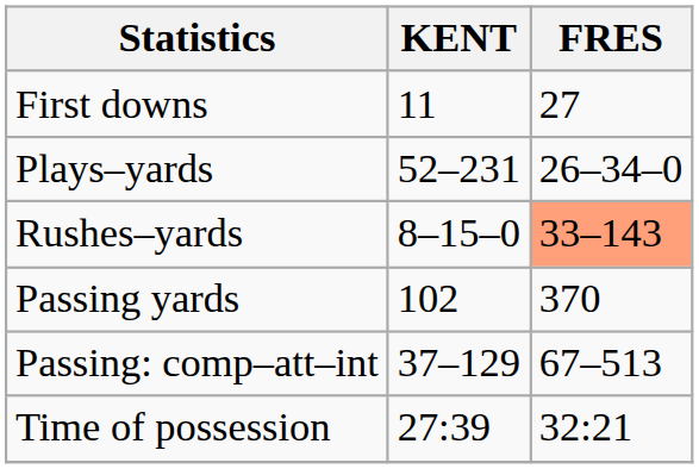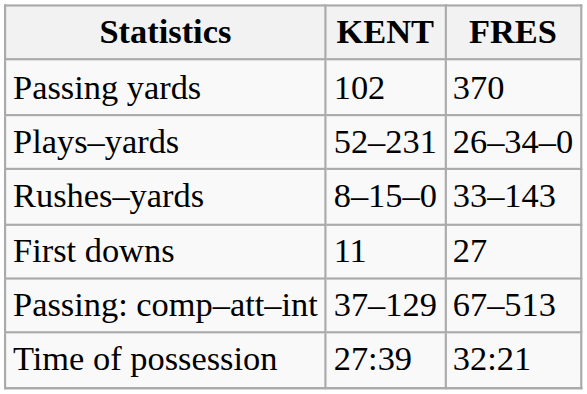 <table class="wikitable" style="float: left;">
 <tr>
 <th>Statistics</th>
 <th>KENT</th>
 <th>FRES</th>
 </tr>
 <tr>
-<td>First downs</td>
-<td>11</td>
-<td>27</td>
+<td>Passing yards</td>
+<td>102</td>
+<td>370</td>
 </tr>
 <tr>
 <td>Plays–yards</td>
 <td>52–231</td>
 <td>26–34–0</td>
 </tr>
 <tr>
 <td>Rushes–yards</td>
 <td>8–15–0</td>
-<td style="background: lightsalmon;">33–143</td>
+<td>33–143</td>
 </tr>
 <tr>
-<td>Passing yards</td>
-<td>102</td>
-<td>370</td>
+<td>First downs</td>
+<td>11</td>
+<td>27</td>
 </tr>
 <tr>
 <td>Passing: comp–att–int</td>
 <td>37–129</td>
 <td>67–513</td>
 </tr>
 <tr>
 <td>Time of possession</td>
 <td>27:39</td>
 <td>32:21</td>
 </tr>
 <tr>
 </tr>
 </table>
